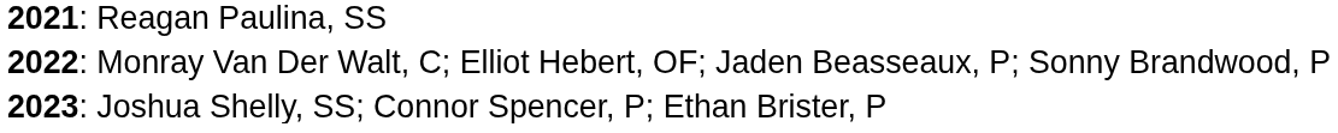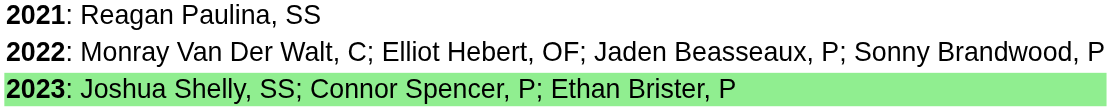 <table>
 <tr>
 <td><strong>2021</strong>: Reagan Paulina, SS</td>
 </tr>
 <tr>
 <td><strong>2022</strong>: Monray Van Der Walt, C; Elliot Hebert, OF; Jaden Beasseaux, P; Sonny Brandwood, P</td>
 </tr>
 <tr>
-<td><strong>2023</strong>: Joshua Shelly, SS; Connor Spencer, P; Ethan Brister, P</td>
+<td style="background: lightgreen;"><strong>2023</strong>: Joshua Shelly, SS; Connor Spencer, P; Ethan Brister, P</td>
 </tr>
 <tr>
 </tr>
 </table>
